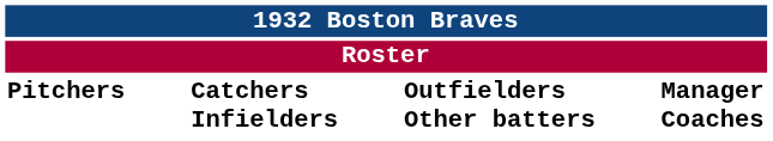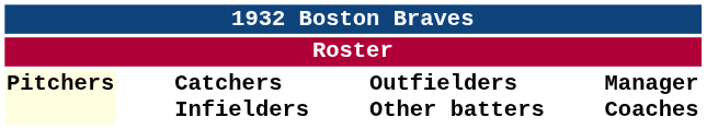 <table class="toccolours" style="font-size: 95%;">
 <tr>
 <th colspan="10" style="background-color: #0f437c; color: white; text-align: center;">1932 Boston Braves</th>
 </tr>
 <tr>
 <td colspan="10" style="background-color:#af0039; color: white; text-align: center;"><strong>Roster</strong></td>
 </tr>
 <tr>
-<td valign="top"><strong>Pitchers</strong><br>          </td>
+<td valign="top" style="background: lightyellow;"><strong>Pitchers</strong><br>          </td>
 <td width="25px"></td>
 <td valign="top"><strong>Catchers</strong><br>   <strong>Infielders</strong>        </td>
 <td width="25px"></td>
 <td valign="top"><strong>Outfielders</strong><br>       <strong>Other batters</strong> </td>
 <td width="25px"></td>
 <td valign="top"><strong>Manager</strong><br> <strong>Coaches</strong>  </td>
 </tr>
 </table>
